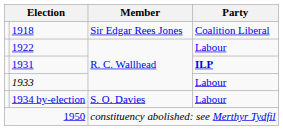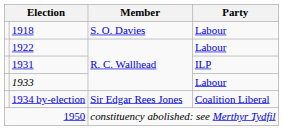 <table class="wikitable">
 <tr>
 <th colspan="2">Election</th>
 <th>Member</th>
 <th>Party</th>
 </tr>
 <tr>
 <td style="color:inherit;background-color: "></td>
 <td><a href='#'>1918</a></td>
-<td><a href='#'>Sir Edgar Rees Jones</a></td>
-<td><a href='#'>Coalition Liberal</a></td>
+<td><a href='#'>S. O. Davies</a></td>
+<td><a href='#'>Labour</a></td>
 </tr>
 <tr>
 <td style="color:inherit;background-color: "></td>
 <td><a href='#'>1922</a></td>
 <td rowspan="3"><a href='#'>R. C. Wallhead</a></td>
 <td><a href='#'>Labour</a></td>
 </tr>
 <tr>
 <td style="color:inherit;background-color: "></td>
 <td><a href='#'>1931</a></td>
-<td><strong><a href='#'>ILP</a></strong></td>
+<td><a href='#'>ILP</a></td>
 </tr>
 <tr>
 <td style="color:inherit;background-color: "></td>
 <td><em>1933</em></td>
 <td><a href='#'>Labour</a></td>
 </tr>
 <tr>
 <td style="color:inherit;background-color: "></td>
 <td><a href='#'>1934 by-election</a></td>
-<td><a href='#'>S. O. Davies</a></td>
-<td><a href='#'>Labour</a></td>
+<td><a href='#'>Sir Edgar Rees Jones</a></td>
+<td><a href='#'>Coalition Liberal</a></td>
 </tr>
 <tr>
 <td colspan="2" align="right"><a href='#'>1950</a></td>
 <td colspan="2"><em>constituency abolished: see <a href='#'>Merthyr Tydfil</a></em></td>
 </tr>
 </table>
